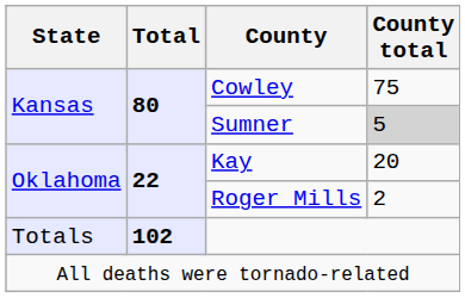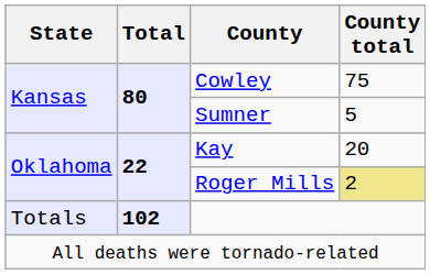 <table class="wikitable" style="margin:0 0 0.5em 1em;float:right;">
 <tr>
 <th><strong>State</strong></th>
 <th><strong>Total</strong></th>
 <th><strong>County</strong></th>
 <th><strong>County<br>total</strong></th>
 </tr>
 <tr>
 <td rowspan=2 bgcolor="#e6e9ff"><a href='#'>Kansas</a></td>
 <td rowspan=2 bgcolor="#e6e9ff"><strong>80</strong></td>
 <td><a href='#'>Cowley</a></td>
 <td>75</td>
 </tr>
 <tr>
 <td><a href='#'>Sumner</a></td>
-<td style="background: lightgrey;">5</td>
+<td>5</td>
 </tr>
 <tr>
 <td rowspan=2 bgcolor="#e6e9ff"><a href='#'>Oklahoma</a></td>
 <td rowspan=2 bgcolor="#e6e9ff"><strong>22</strong></td>
 <td><a href='#'>Kay</a></td>
 <td>20</td>
 </tr>
 <tr>
 <td><a href='#'>Roger Mills</a></td>
-<td>2</td>
+<td style="background: khaki;">2</td>
 </tr>
 <tr>
 <td bgcolor="#e6e9ff">Totals</td>
 <td bgcolor="#e6e9ff"><strong>102</strong></td>
 <td colspan=2></td>
 </tr>
 <tr>
 <td colspan=4 align=center><small>All deaths were tornado-related</small></td>
 </tr>
 </table>
